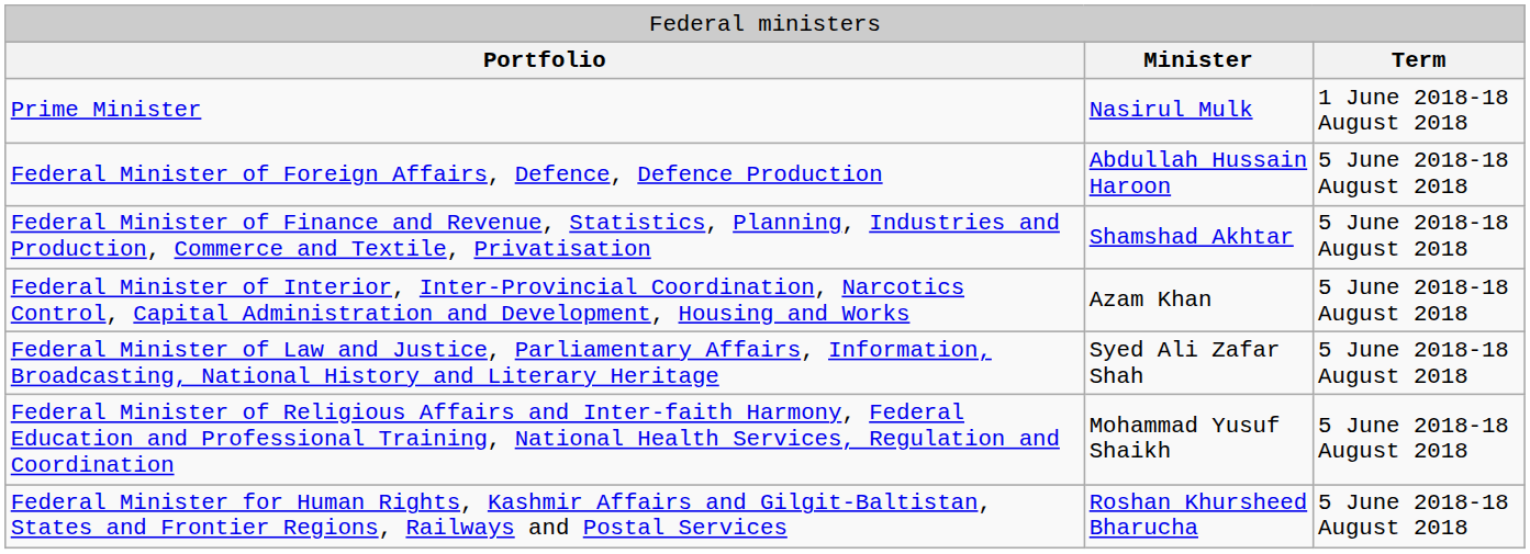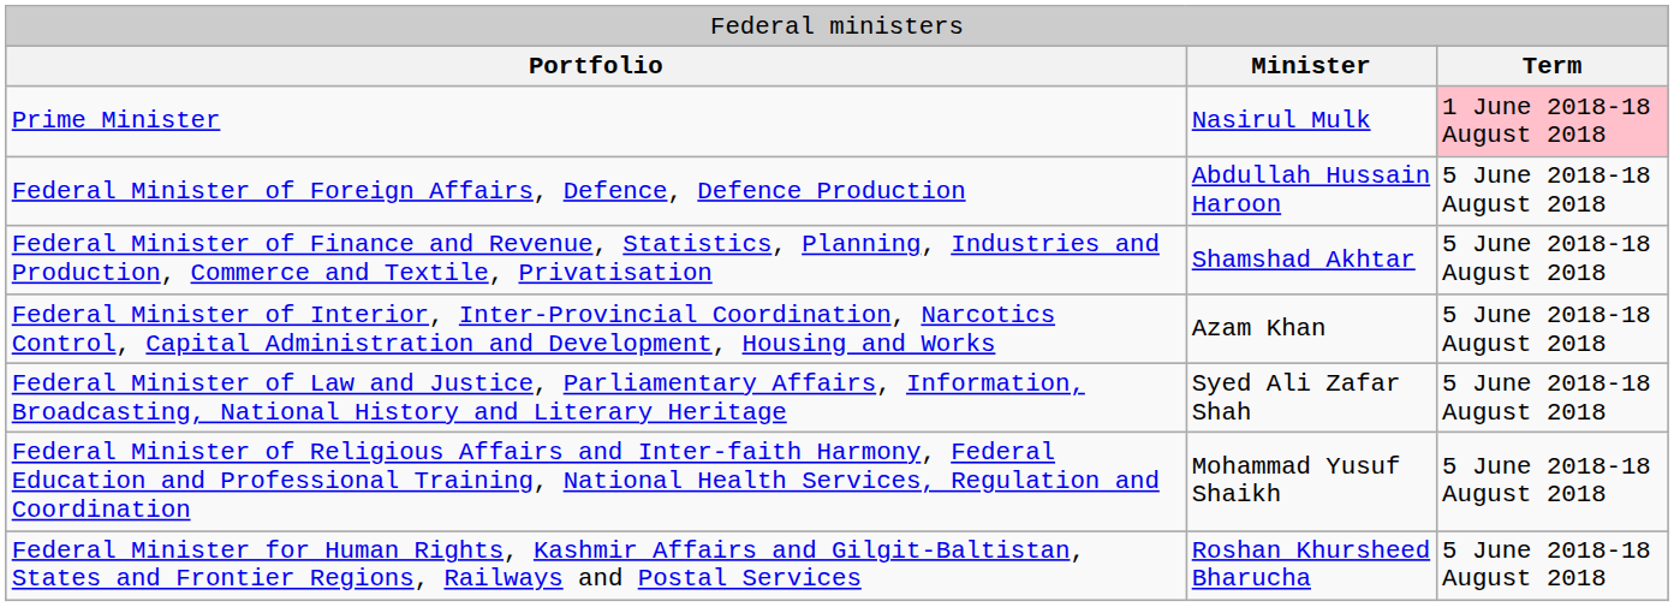 <table class="wikitable">
 <tr>
 <td style="text-align: center; background:#cccccc;" colspan="5">Federal ministers</td>
 </tr>
 <tr>
 <th>Portfolio</th>
 <th>Minister</th>
 <th>Term</th>
 </tr>
 <tr>
 <td><a href='#'>Prime Minister</a></td>
 <td><a href='#'>Nasirul Mulk</a></td>
-<td>1 June 2018-18 August 2018</td>
+<td style="background: pink;">1 June 2018-18 August 2018</td>
 </tr>
 <tr>
 <td><a href='#'>Federal Minister of Foreign Affairs</a>, <a href='#'>Defence</a>, <a href='#'>Defence Production</a></td>
 <td><a href='#'>Abdullah Hussain Haroon</a></td>
 <td>5 June 2018-18 August 2018</td>
 </tr>
 <tr>
 <td><a href='#'>Federal Minister of Finance and Revenue</a>, <a href='#'>Statistics</a>, <a href='#'>Planning</a>, <a href='#'>Industries and Production</a>, <a href='#'>Commerce and Textile</a>, <a href='#'>Privatisation</a></td>
 <td><a href='#'>Shamshad Akhtar</a></td>
 <td>5 June 2018-18 August 2018</td>
 </tr>
 <tr>
 <td><a href='#'>Federal Minister of Interior</a>, <a href='#'>Inter-Provincial Coordination</a>, <a href='#'>Narcotics Control</a>, <a href='#'>Capital Administration and Development</a>, <a href='#'>Housing and Works</a></td>
 <td>Azam Khan</td>
 <td>5 June 2018-18 August 2018</td>
 </tr>
 <tr>
 <td><a href='#'>Federal Minister of Law and Justice</a>, <a href='#'>Parliamentary Affairs</a>, <a href='#'>Information, Broadcasting, National History and Literary Heritage</a></td>
 <td>Syed Ali Zafar Shah</td>
 <td>5 June 2018-18 August 2018</td>
 </tr>
 <tr>
 <td><a href='#'>Federal Minister of Religious Affairs and Inter-faith Harmony</a>, <a href='#'>Federal Education and Professional Training</a>, <a href='#'>National Health Services, Regulation and Coordination</a></td>
 <td>Mohammad Yusuf Shaikh</td>
 <td>5 June 2018-18 August 2018</td>
 </tr>
 <tr>
 <td><a href='#'>Federal Minister for Human Rights</a>, <a href='#'>Kashmir Affairs and Gilgit-Baltistan</a>, <a href='#'>States and Frontier Regions</a>, <a href='#'>Railways</a> and <a href='#'>Postal Services</a></td>
 <td><a href='#'>Roshan Khursheed Bharucha</a></td>
 <td>5 June 2018-18 August 2018</td>
 </tr>
 </table>
